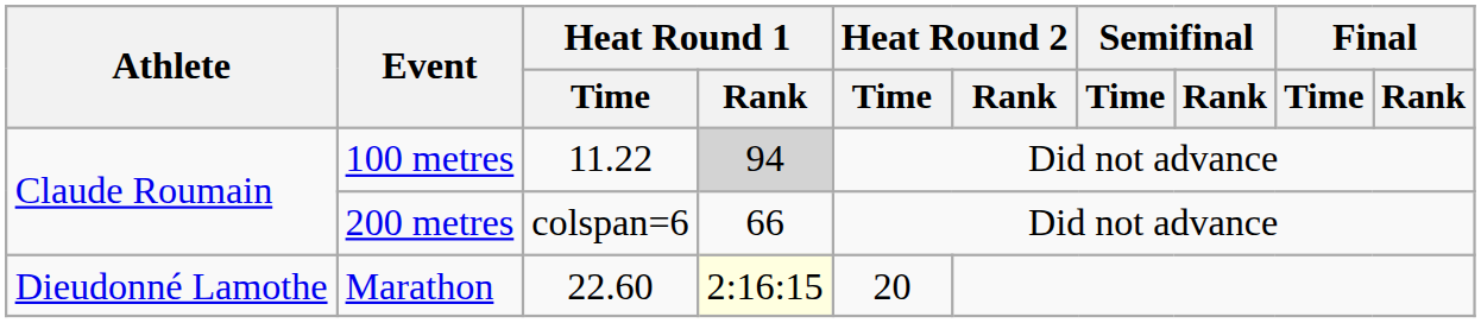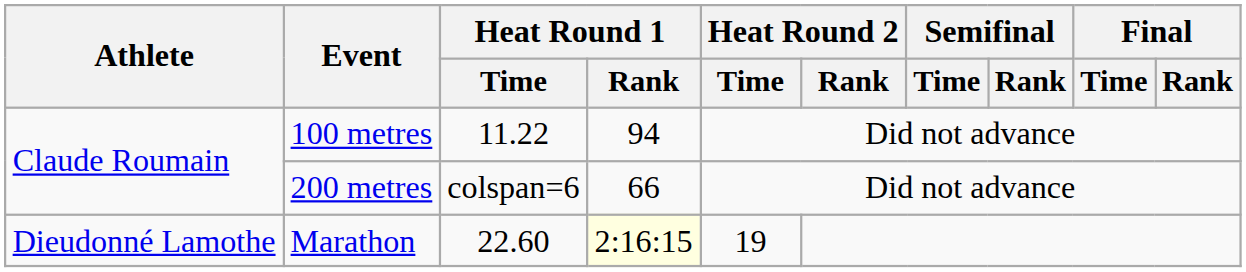 <table class=wikitable style="font-size:90%; text-align:center">
 <tr>
 <th rowspan=2>Athlete</th>
 <th rowspan=2>Event</th>
 <th colspan=2>Heat Round 1</th>
 <th colspan=2>Heat Round 2</th>
 <th colspan=2>Semifinal</th>
 <th colspan=2>Final</th>
 </tr>
 <tr style=font-size:95%>
 <th>Time</th>
 <th>Rank</th>
 <th>Time</th>
 <th>Rank</th>
 <th>Time</th>
 <th>Rank</th>
 <th>Time</th>
 <th>Rank</th>
 </tr>
 <tr align=center>
 <td align=left rowspan=2><a href='#'>Claude Roumain</a></td>
 <td align=left><a href='#'>100 metres</a></td>
 <td>11.22</td>
-<td style="background: lightgrey;">94</td>
+<td>94</td>
 <td colspan=6>Did not advance</td>
 </tr>
 <tr align=center>
 <td align=left><a href='#'>200 metres</a></td>
 <td>colspan=6</td>
 <td>66</td>
 <td colspan=6>Did not advance</td>
 </tr>
 <tr aling=center>
 <td align=left><a href='#'>Dieudonné Lamothe</a></td>
 <td align=left><a href='#'>Marathon</a></td>
 <td>22.60</td>
 <td style="background: lightyellow;">2:16:15</td>
-<td>20</td>
+<td>19</td>
 </tr>
 </table>
